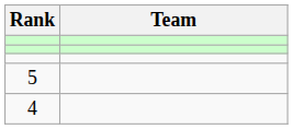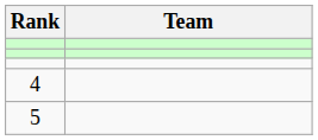 <table class=wikitable style="text-align:center;">
 <tr>
 <th>Rank</th>
 <th width=180>Team</th>
 </tr>
 <tr bgcolor=ccffcc>
 <td></td>
 <td align=left></td>
 </tr>
 <tr bgcolor=#ccffcc>
 <td></td>
 <td align=left></td>
 </tr>
 <tr>
 <td></td>
 <td align=left></td>
 </tr>
 <tr>
+<td>4</td>
+<td align=left></td>
+</tr>
+<tr>
 <td>5</td>
 <td align=left></td>
 </tr>
-<tr>
-<td>4</td>
-<td align=left></td>
-</tr>
 </table>
